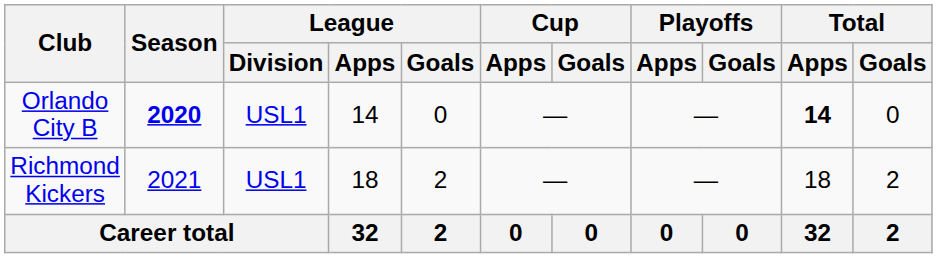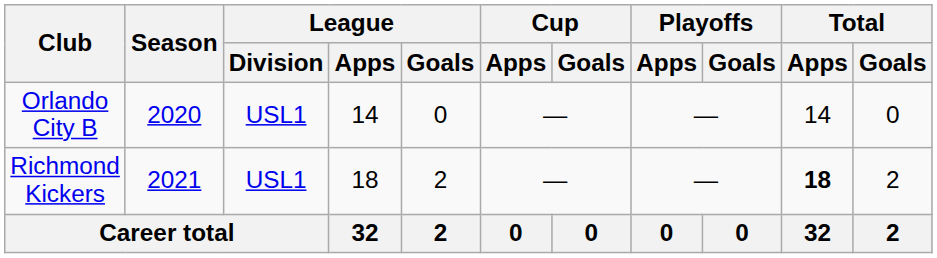 <table class=wikitable style=text-align:center>
 <tr>
 <th rowspan=2>Club</th>
 <th rowspan=2>Season</th>
 <th colspan=3>League</th>
 <th colspan=2>Cup</th>
 <th colspan=2>Playoffs</th>
 <th colspan=2>Total</th>
 </tr>
 <tr>
 <th>Division</th>
 <th>Apps</th>
 <th>Goals</th>
 <th>Apps</th>
 <th>Goals</th>
 <th>Apps</th>
 <th>Goals</th>
 <th>Apps</th>
 <th>Goals</th>
 </tr>
 <tr>
 <td><a href='#'>Orlando City B</a></td>
-<td><strong><a href='#'>2020</a></strong></td>
+<td><a href='#'>2020</a></td>
 <td><a href='#'>USL1</a></td>
 <td>14</td>
 <td>0</td>
 <td colspan="2">—</td>
 <td colspan="2">—</td>
-<td><strong>14</strong></td>
+<td>14</td>
 <td>0</td>
 </tr>
 <tr>
 <td><a href='#'>Richmond Kickers</a></td>
 <td><a href='#'>2021</a></td>
 <td><a href='#'>USL1</a></td>
 <td>18</td>
 <td>2</td>
 <td colspan="2">—</td>
 <td colspan="2">—</td>
-<td>18</td>
+<td><strong>18</strong></td>
 <td>2</td>
 </tr>
 <tr>
 <th colspan=3>Career total</th>
 <th>32</th>
 <th>2</th>
 <th>0</th>
 <th>0</th>
 <th>0</th>
 <th>0</th>
 <th>32</th>
 <th>2</th>
 </tr>
 </table>
